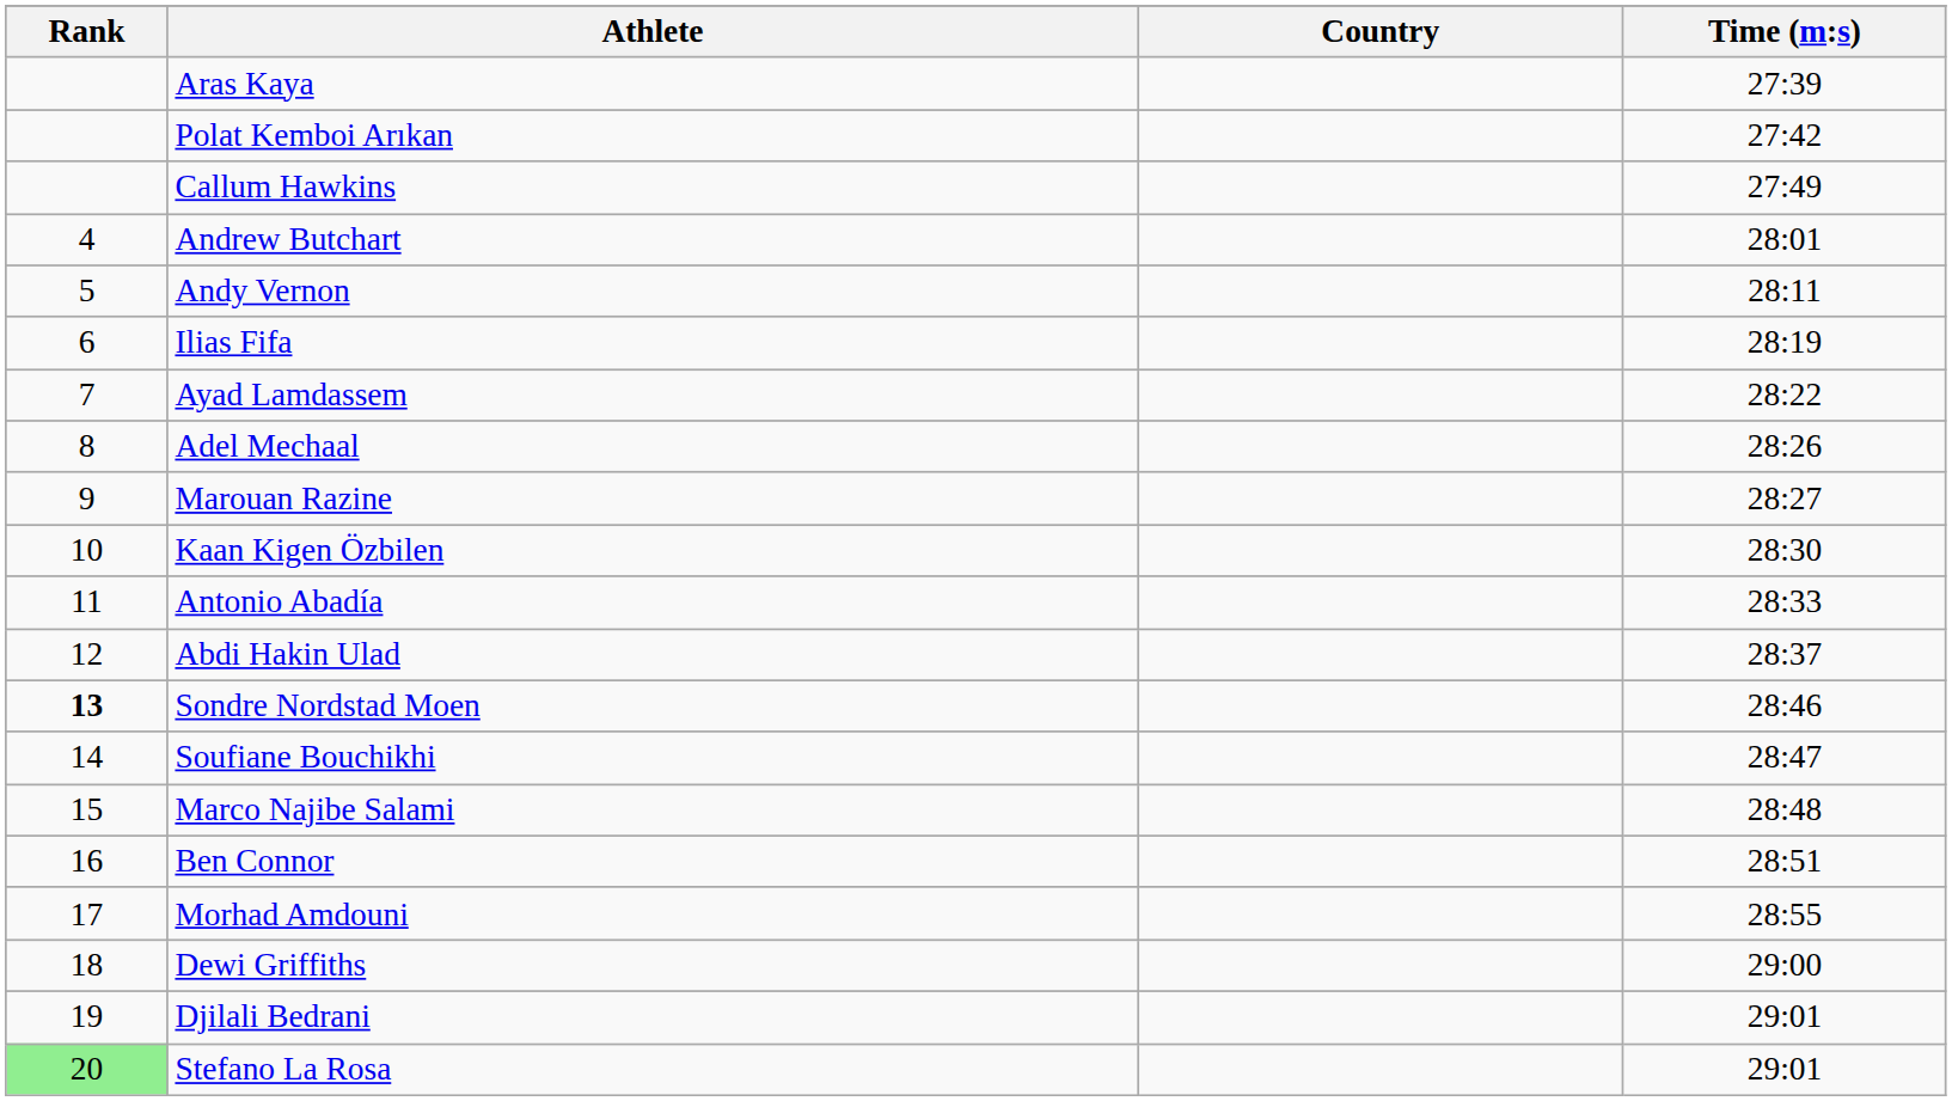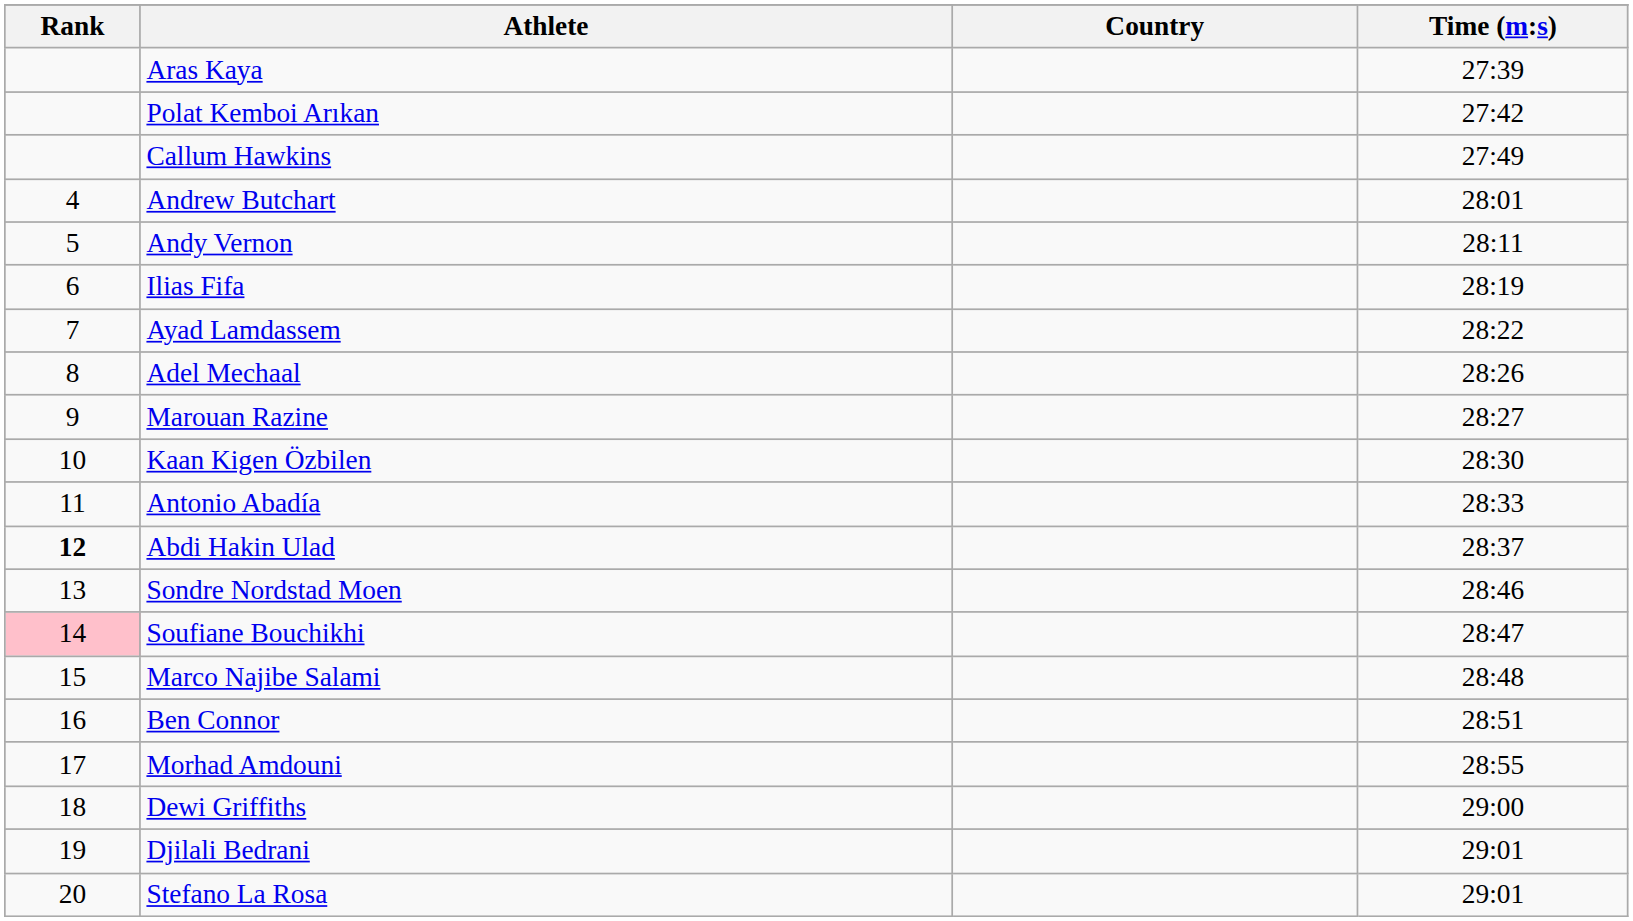 <table class="wikitable" style="text-align:center;" width="60%">
 <tr>
 </tr>
 <tr>
 <th width=5%>Rank</th>
 <th width=30%>Athlete</th>
 <th width=15%>Country</th>
 <th width=10%>Time (<a href='#'>m</a>:<a href='#'>s</a>)</th>
 </tr>
 <tr>
 <td></td>
 <td align=left><a href='#'>Aras Kaya</a></td>
 <td align=left></td>
 <td>27:39</td>
 </tr>
 <tr>
 <td></td>
 <td align=left><a href='#'>Polat Kemboi Arıkan</a></td>
 <td align="left"></td>
 <td>27:42</td>
 </tr>
 <tr>
 <td></td>
 <td align=left><a href='#'>Callum Hawkins</a></td>
 <td align=left></td>
 <td>27:49</td>
 </tr>
 <tr>
 <td>4</td>
 <td align=left><a href='#'>Andrew Butchart</a></td>
 <td align=left></td>
 <td>28:01</td>
 </tr>
 <tr>
 <td>5</td>
 <td align=left><a href='#'>Andy Vernon</a></td>
 <td align=left></td>
 <td>28:11</td>
 </tr>
 <tr>
 <td>6</td>
 <td align=left><a href='#'>Ilias Fifa</a></td>
 <td align=left></td>
 <td>28:19</td>
 </tr>
 <tr>
 <td>7</td>
 <td align=left><a href='#'>Ayad Lamdassem</a></td>
 <td align=left></td>
 <td>28:22</td>
 </tr>
 <tr>
 <td>8</td>
 <td align=left><a href='#'>Adel Mechaal</a></td>
 <td align=left></td>
 <td>28:26</td>
 </tr>
 <tr>
 <td>9</td>
 <td align=left><a href='#'>Marouan Razine</a></td>
 <td align=left></td>
 <td>28:27</td>
 </tr>
 <tr>
 <td>10</td>
 <td align=left><a href='#'>Kaan Kigen Özbilen</a></td>
 <td align=left></td>
 <td>28:30</td>
 </tr>
 <tr>
 <td>11</td>
 <td align=left><a href='#'>Antonio Abadía</a></td>
 <td align=left></td>
 <td>28:33</td>
 </tr>
 <tr>
-<td>12</td>
+<td><strong>12</strong></td>
 <td align=left><a href='#'>Abdi Hakin Ulad</a></td>
 <td align=left></td>
 <td>28:37</td>
 </tr>
 <tr>
-<td><strong>13</strong></td>
+<td>13</td>
 <td align=left><a href='#'>Sondre Nordstad Moen</a></td>
 <td align=left></td>
 <td>28:46</td>
 </tr>
 <tr>
-<td>14</td>
+<td style="background: pink;">14</td>
 <td align=left><a href='#'>Soufiane Bouchikhi</a></td>
 <td align=left></td>
 <td>28:47</td>
 </tr>
 <tr>
 <td>15</td>
 <td align=left><a href='#'>Marco Najibe Salami</a></td>
 <td align=left></td>
 <td>28:48</td>
 </tr>
 <tr>
 <td>16</td>
 <td align=left><a href='#'>Ben Connor</a></td>
 <td align=left></td>
 <td>28:51</td>
 </tr>
 <tr>
 <td>17</td>
 <td align=left><a href='#'>Morhad Amdouni</a></td>
 <td align=left></td>
 <td>28:55</td>
 </tr>
 <tr>
 <td>18</td>
 <td align=left><a href='#'>Dewi Griffiths</a></td>
 <td align=left></td>
 <td>29:00</td>
 </tr>
 <tr>
 <td>19</td>
 <td align=left><a href='#'>Djilali Bedrani</a></td>
 <td align=left></td>
 <td>29:01</td>
 </tr>
 <tr>
-<td style="background: lightgreen;">20</td>
+<td>20</td>
 <td align=left><a href='#'>Stefano La Rosa</a></td>
 <td align=left></td>
 <td>29:01</td>
 </tr>
 </table>
